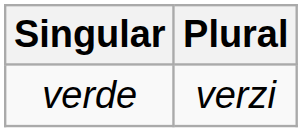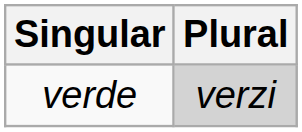 <table class="wikitable" style="text-align: center;">
 <tr>
 <th>Singular</th>
 <th>Plural</th>
 </tr>
 <tr>
 <td><em>verde</em></td>
-<td><em>verzi</em></td>
+<td style="background: lightgrey;"><em>verzi</em></td>
 </tr>
 </table>
